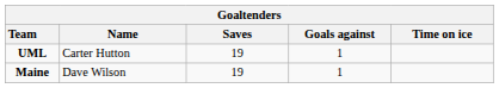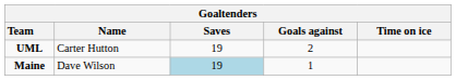 <table class="wikitable" style="width:40em; text-align:right;">
 <tr>
 <th colspan=5>Goaltenders</th>
 </tr>
 <tr>
 <th style="width:4em; text-align:left;">Team</th>
 <th style="width:10em;">Name</th>
 <th style="width:8em;">Saves</th>
 <th style="width:8em;">Goals against</th>
 <th style="width:8em;">Time on ice</th>
 </tr>
 <tr>
 <td align=center><strong>UML</strong></td>
 <td style="text-align:left;">Carter Hutton</td>
 <td align=center>19</td>
-<td align=center>1</td>
+<td align=center>2</td>
 <td align=center></td>
 </tr>
 <tr>
 <td align=center><strong>Maine</strong></td>
 <td style="text-align:left;">Dave Wilson</td>
-<td align=center>19</td>
+<td align=center style="background: lightblue;">19</td>
 <td align=center>1</td>
 <td align=center></td>
 </tr>
 </table>
